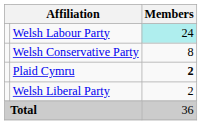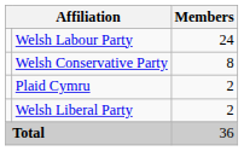 <table class="wikitable">
 <tr>
 <th colspan="2">Affiliation</th>
 <th>Members</th>
 </tr>
 <tr>
 <td style="color:inherit;background:"></td>
 <td><a href='#'>Welsh Labour Party</a></td>
-<td style="background: paleturquoise; text-align:right;">24</td>
+<td style="text-align:right;">24</td>
 </tr>
 <tr>
 <td style="color:inherit;background:"></td>
 <td><a href='#'>Welsh Conservative Party</a></td>
 <td style="text-align:right;">8</td>
 </tr>
 <tr>
 <td style="color:inherit;background:"></td>
 <td><a href='#'>Plaid Cymru</a></td>
-<td style="text-align:right;"><strong>2</strong></td>
+<td style="text-align:right;">2</td>
 </tr>
 <tr>
 <td style="color:inherit;background:"></td>
 <td><a href='#'>Welsh Liberal Party</a></td>
 <td style="text-align:right;">2</td>
 </tr>
 <tr style="background:#ccc;">
 <td colspan="2"> <strong>Total</strong></td>
 <td style="text-align:right;">36</td>
 </tr>
 </table>
